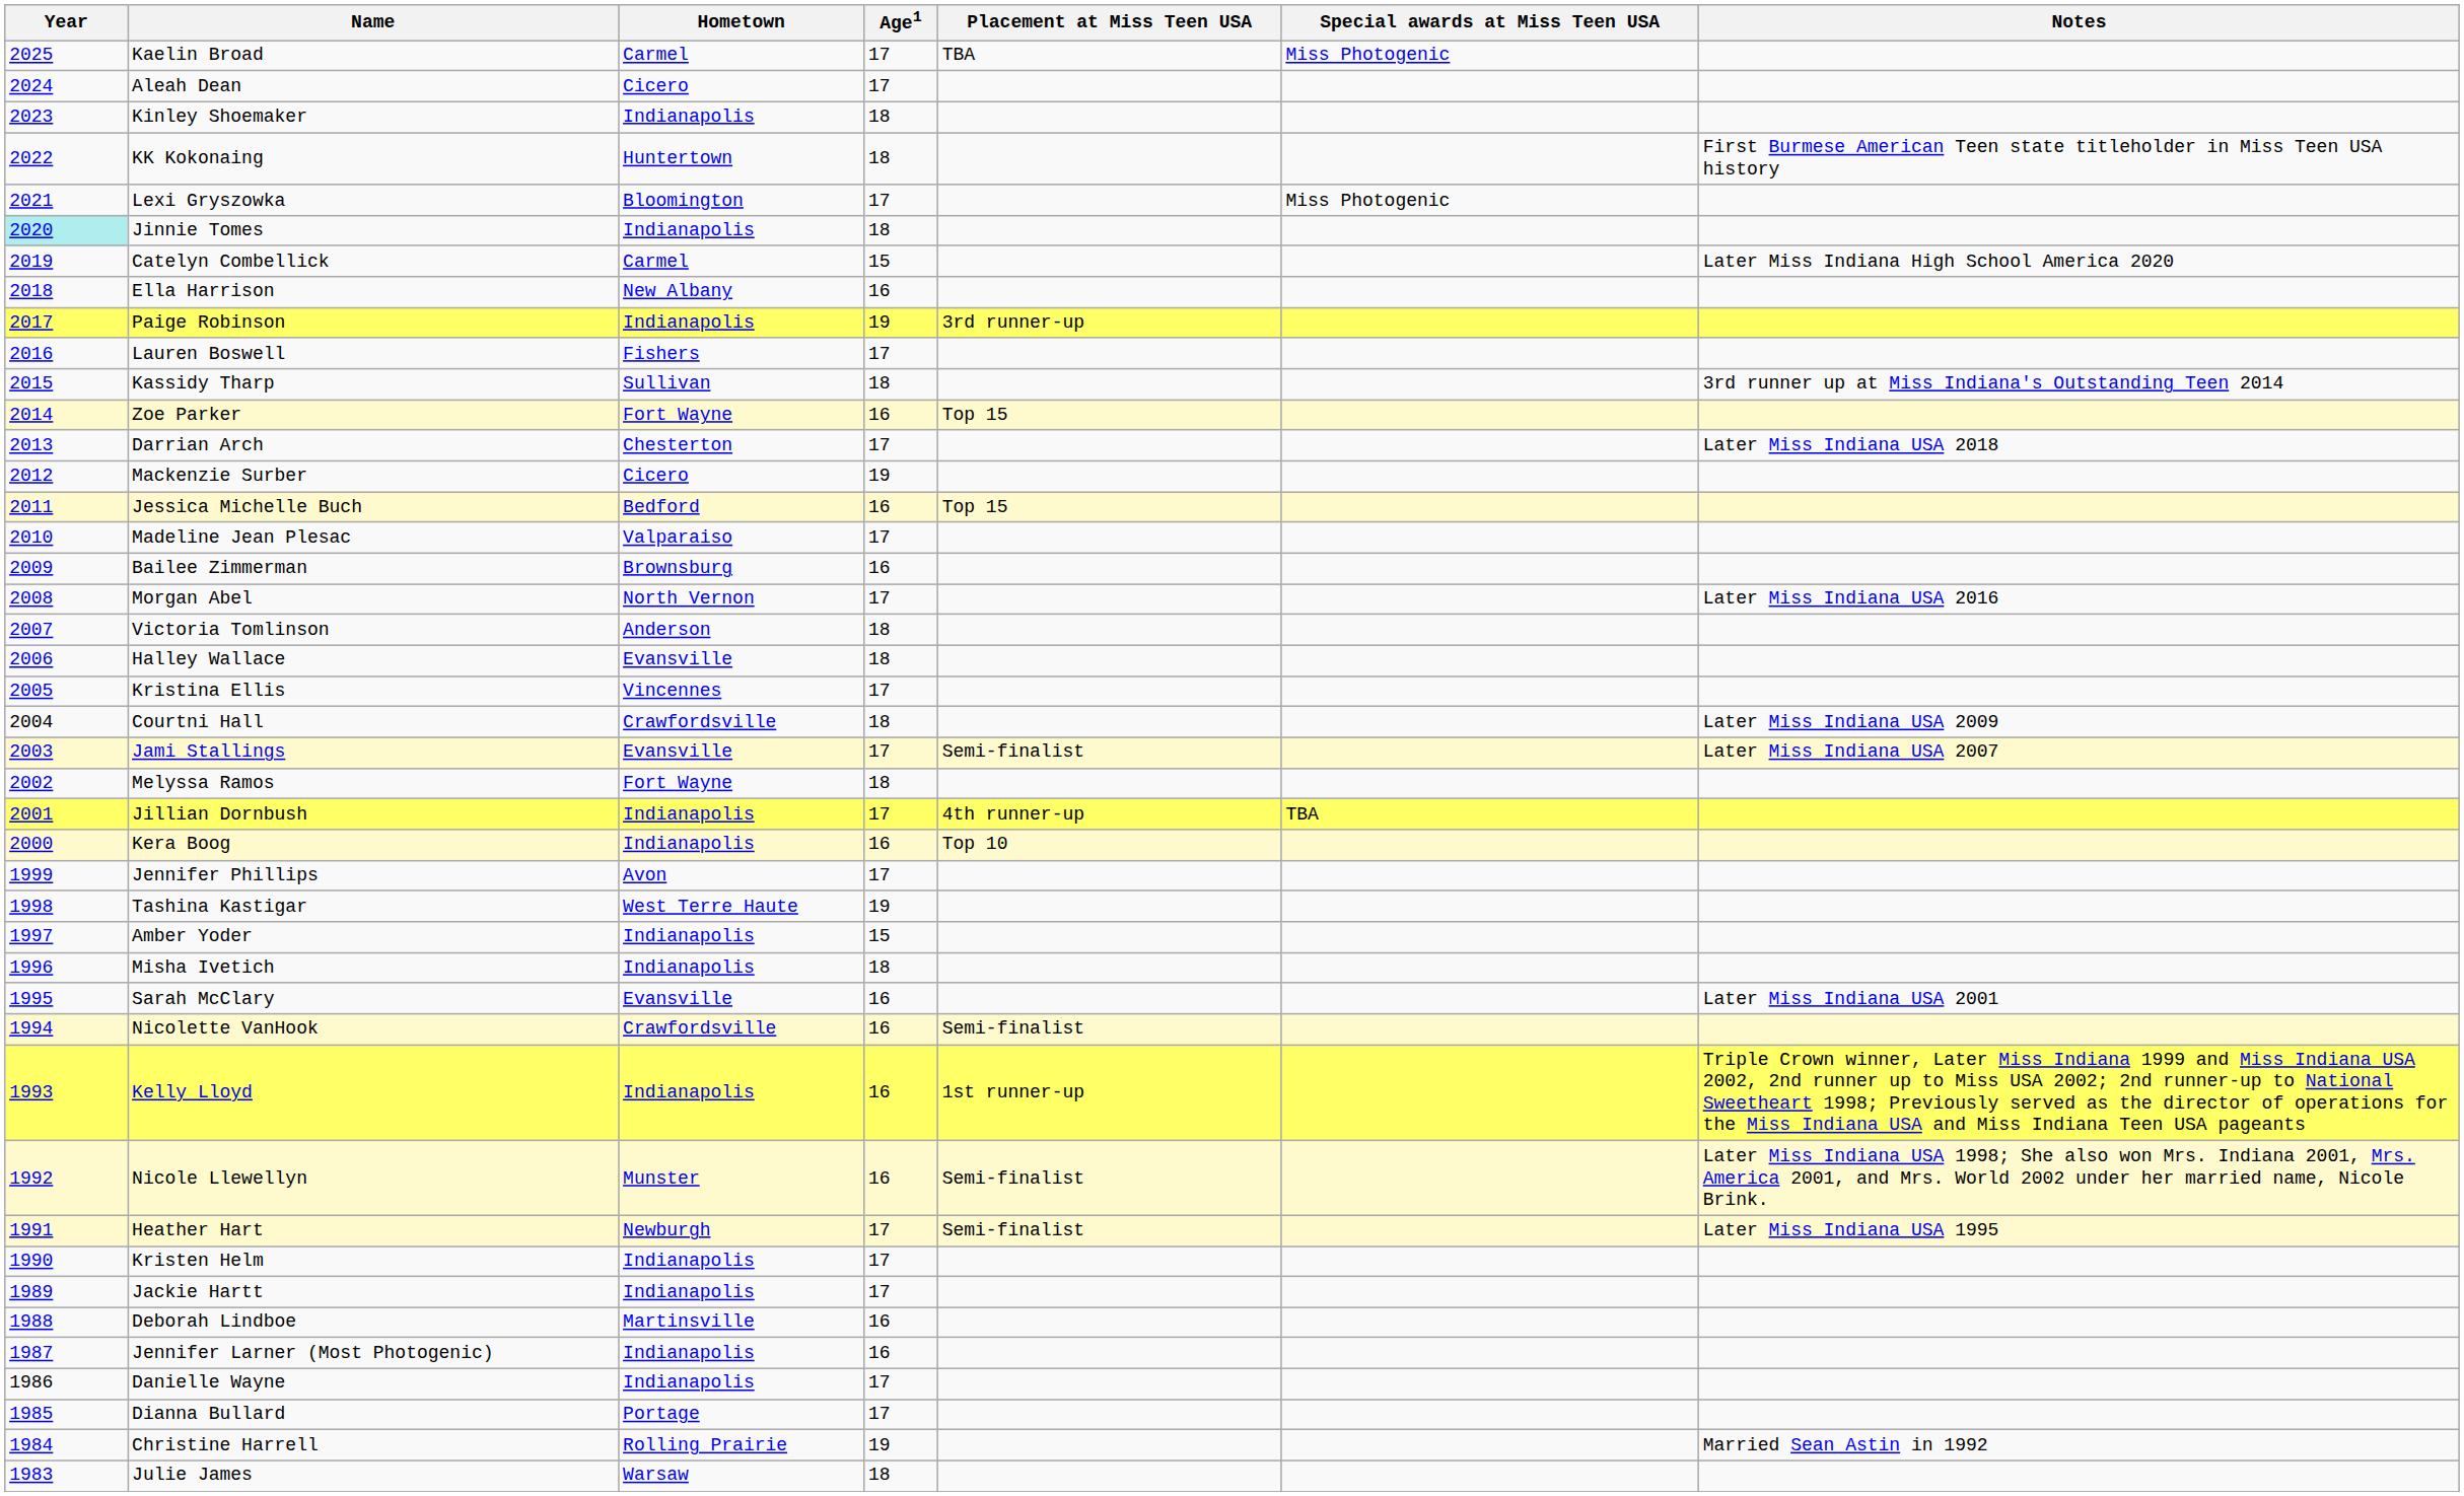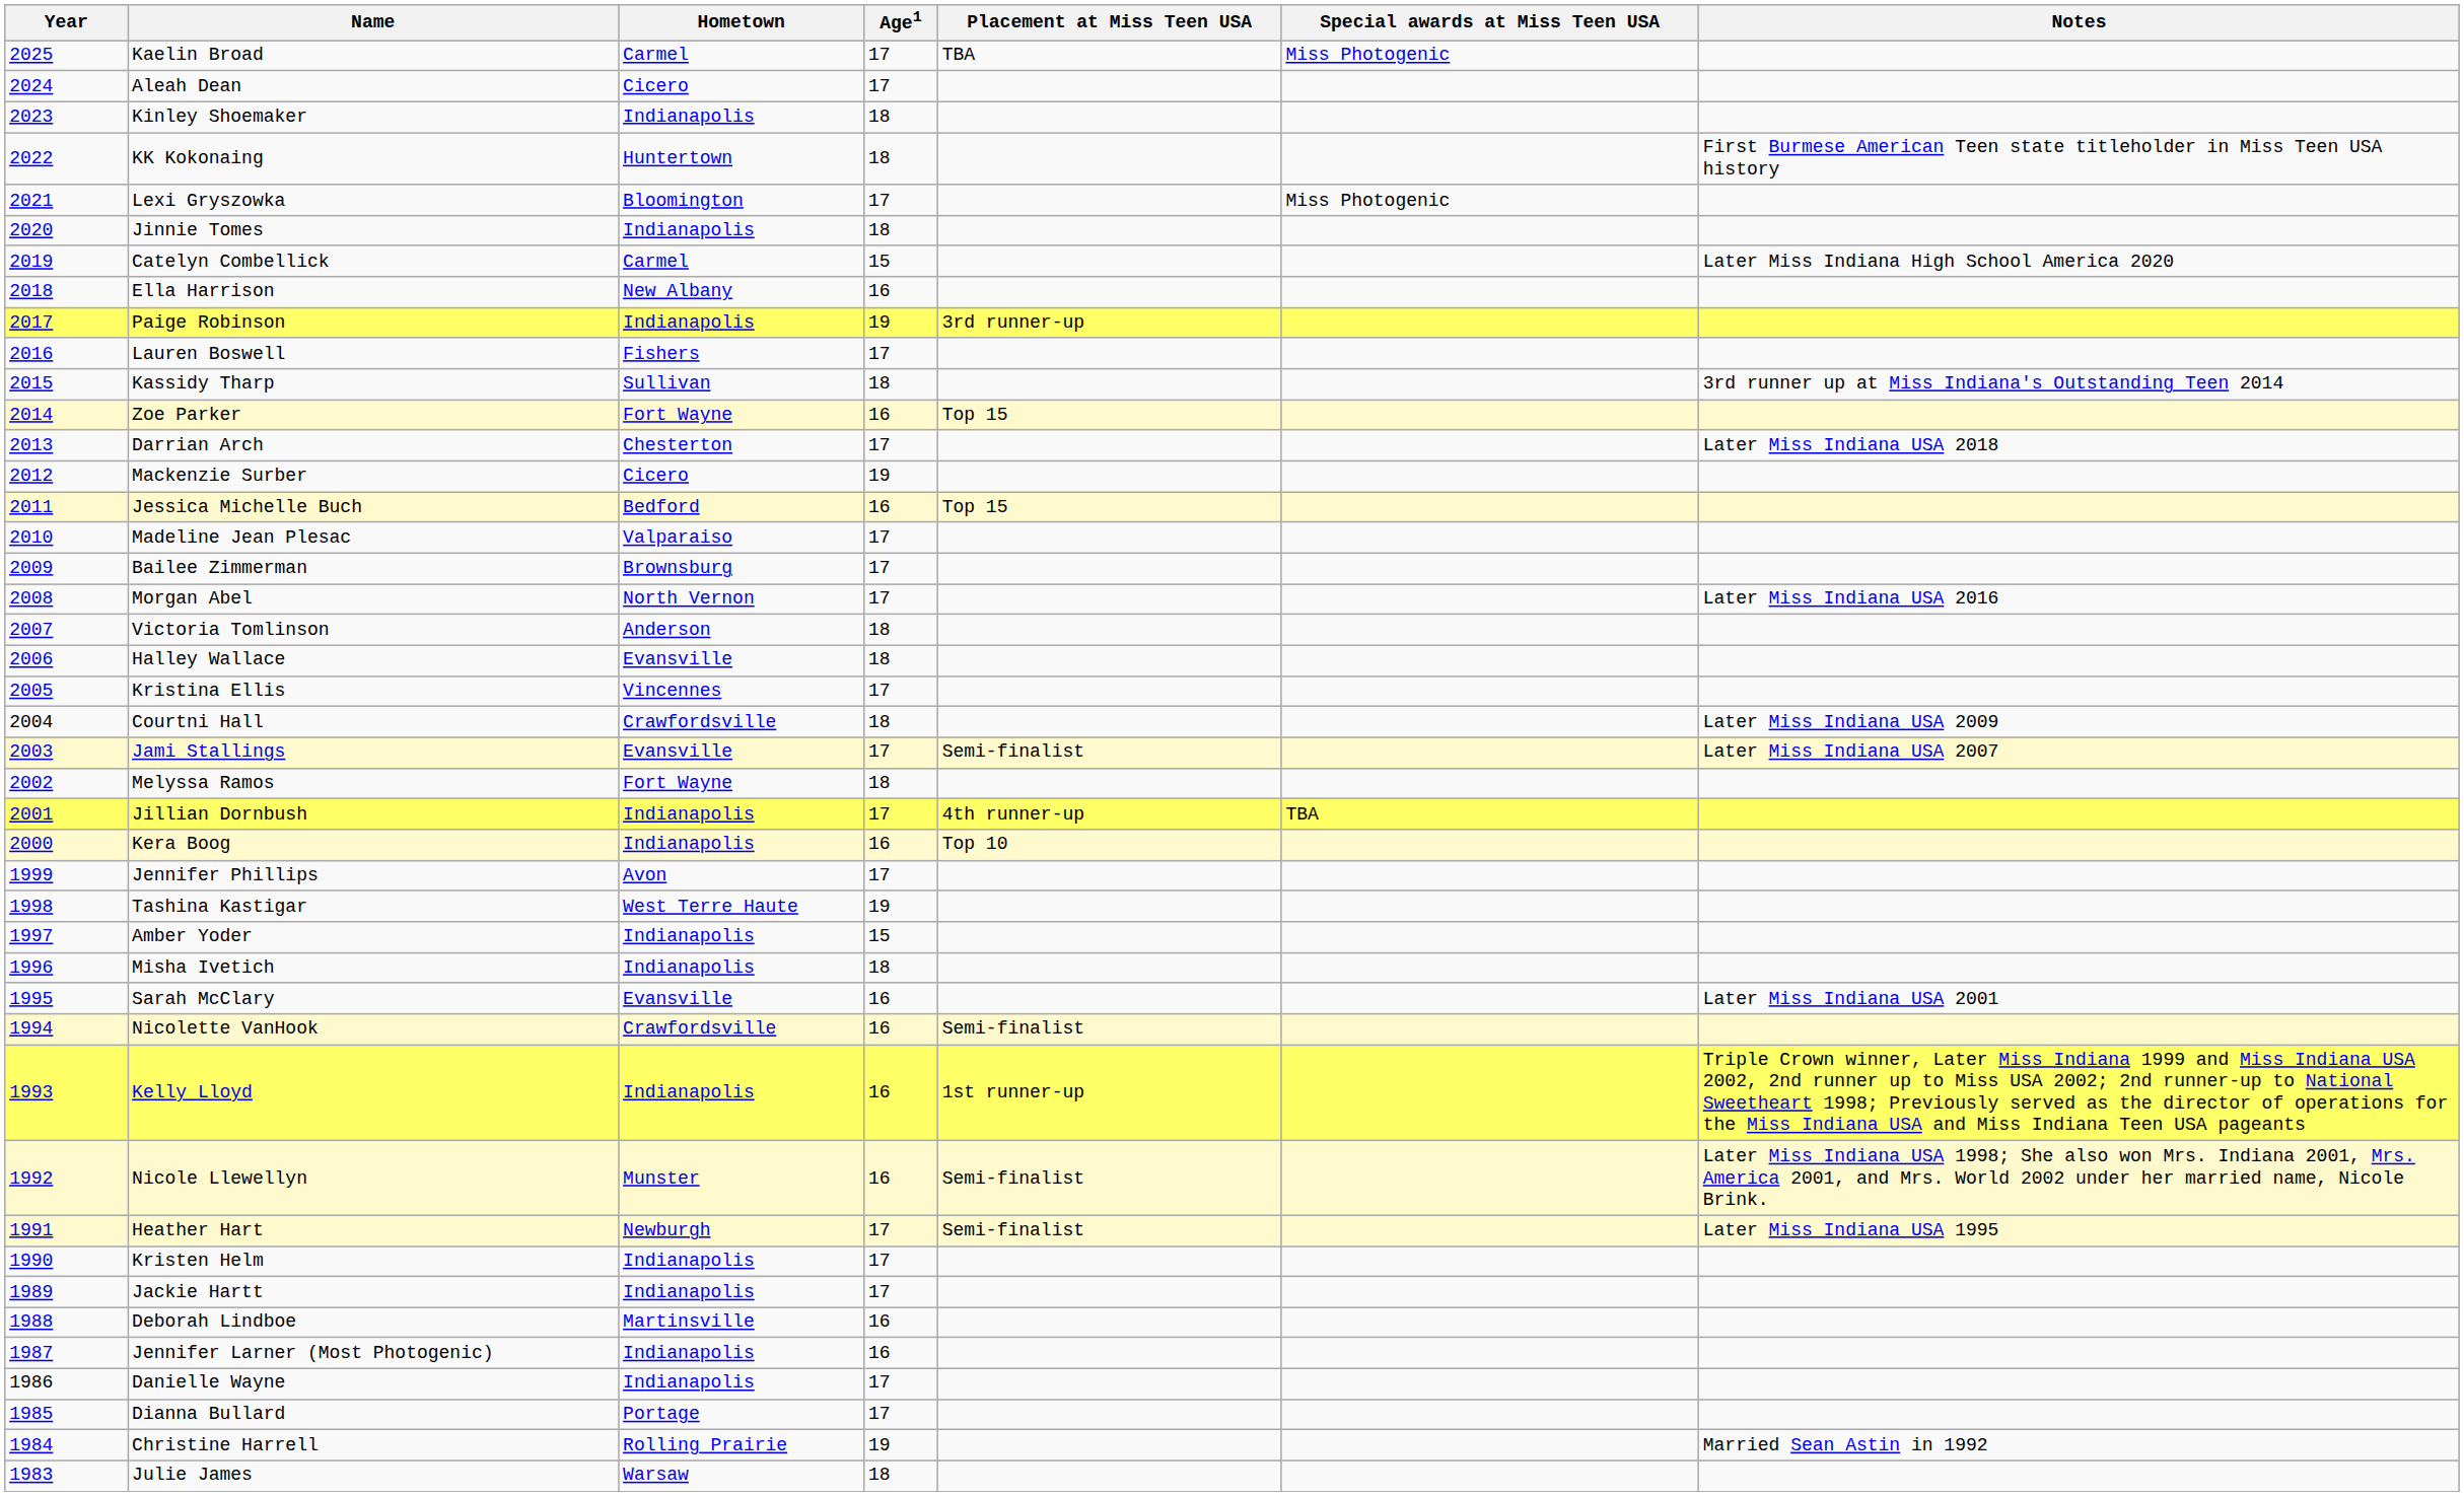 <table class="wikitable"style="font-size:90%;">
 <tr bgcolor="#efefef">
 <th width=5%>Year</th>
 <th width=20%>Name</th>
 <th width=10%>Hometown</th>
 <th width=3%>Age<sup>1</sup></th>
 <th width=14%>Placement at Miss Teen USA</th>
 <th width=17%>Special awards at Miss Teen  USA</th>
 <th width=31%>Notes</th>
 </tr>
 <tr>
 <td><a href='#'>2025</a></td>
 <td>Kaelin Broad</td>
 <td><a href='#'>Carmel</a></td>
 <td>17</td>
 <td>TBA</td>
 <td><a href='#'>Miss Photogenic</a></td>
 <td></td>
 </tr>
 <tr>
 <td><a href='#'>2024</a></td>
 <td>Aleah Dean</td>
 <td><a href='#'>Cicero</a></td>
 <td>17</td>
 <td></td>
 <td></td>
 <td></td>
 </tr>
 <tr>
 <td><a href='#'>2023</a></td>
 <td>Kinley Shoemaker</td>
 <td><a href='#'>Indianapolis</a></td>
 <td>18</td>
 <td></td>
 <td></td>
 <td></td>
 </tr>
 <tr>
 <td><a href='#'>2022</a></td>
 <td>KK Kokonaing</td>
 <td><a href='#'>Huntertown</a></td>
 <td>18</td>
 <td></td>
 <td></td>
 <td>First <a href='#'>Burmese American</a> Teen state titleholder in Miss Teen USA history</td>
 </tr>
 <tr>
 <td><a href='#'>2021</a></td>
 <td>Lexi Gryszowka</td>
 <td><a href='#'>Bloomington</a></td>
 <td>17</td>
 <td></td>
 <td>Miss Photogenic</td>
 <td></td>
 </tr>
 <tr>
-<td style="background: paleturquoise;"><a href='#'>2020</a></td>
+<td><a href='#'>2020</a></td>
 <td>Jinnie Tomes</td>
 <td><a href='#'>Indianapolis</a></td>
 <td>18</td>
 <td></td>
 <td></td>
 <td></td>
 </tr>
 <tr>
 <td><a href='#'>2019</a></td>
 <td>Catelyn Combellick</td>
 <td><a href='#'>Carmel</a></td>
 <td>15</td>
 <td></td>
 <td></td>
 <td>Later Miss Indiana High School America 2020</td>
 </tr>
 <tr>
 <td><a href='#'>2018</a></td>
 <td>Ella Harrison</td>
 <td><a href='#'>New Albany</a></td>
 <td>16</td>
 <td></td>
 <td></td>
 <td></td>
 </tr>
 <tr style="background-color:#FFFF66;”">
 <td><a href='#'>2017</a></td>
 <td>Paige Robinson</td>
 <td><a href='#'>Indianapolis</a></td>
 <td>19</td>
 <td>3rd runner-up</td>
 <td></td>
 <td></td>
 </tr>
 <tr>
 <td><a href='#'>2016</a></td>
 <td>Lauren Boswell</td>
 <td><a href='#'>Fishers</a></td>
 <td>17</td>
 <td></td>
 <td></td>
 <td></td>
 </tr>
 <tr>
 <td><a href='#'>2015</a></td>
 <td>Kassidy Tharp</td>
 <td><a href='#'>Sullivan</a></td>
 <td>18</td>
 <td></td>
 <td></td>
 <td>3rd runner up at <a href='#'>Miss Indiana's Outstanding Teen</a> 2014</td>
 </tr>
 <tr style="background-color:#FFFACD;">
 <td><a href='#'>2014</a></td>
 <td>Zoe Parker</td>
 <td><a href='#'>Fort Wayne</a></td>
 <td>16</td>
 <td>Top 15</td>
 <td></td>
 <td></td>
 </tr>
 <tr>
 <td><a href='#'>2013</a></td>
 <td>Darrian Arch</td>
 <td><a href='#'>Chesterton</a></td>
 <td>17</td>
 <td></td>
 <td></td>
 <td>Later <a href='#'>Miss Indiana USA</a> 2018</td>
 </tr>
 <tr>
 <td><a href='#'>2012</a></td>
 <td>Mackenzie Surber</td>
 <td><a href='#'>Cicero</a></td>
 <td>19</td>
 <td></td>
 <td></td>
 <td></td>
 </tr>
 <tr style="background-color:#FFFACD;">
 <td><a href='#'>2011</a></td>
 <td>Jessica Michelle Buch</td>
 <td><a href='#'>Bedford</a></td>
 <td>16</td>
 <td>Top 15</td>
 <td></td>
 <td></td>
 </tr>
 <tr>
 <td><a href='#'>2010</a></td>
 <td>Madeline Jean Plesac</td>
 <td><a href='#'>Valparaiso</a></td>
 <td>17</td>
 <td></td>
 <td></td>
 <td></td>
 </tr>
 <tr>
 <td><a href='#'>2009</a></td>
 <td>Bailee Zimmerman</td>
 <td><a href='#'>Brownsburg</a></td>
-<td>16</td>
+<td>17</td>
 <td></td>
 <td></td>
 <td></td>
 </tr>
 <tr>
 <td><a href='#'>2008</a></td>
 <td>Morgan Abel</td>
 <td><a href='#'>North Vernon</a></td>
 <td>17</td>
 <td></td>
 <td></td>
 <td>Later <a href='#'>Miss Indiana USA</a> 2016</td>
 </tr>
 <tr>
 <td><a href='#'>2007</a></td>
 <td>Victoria Tomlinson</td>
 <td><a href='#'>Anderson</a></td>
 <td>18</td>
 <td></td>
 <td></td>
 <td></td>
 </tr>
 <tr>
 <td><a href='#'>2006</a></td>
 <td>Halley Wallace</td>
 <td><a href='#'>Evansville</a></td>
 <td>18</td>
 <td></td>
 <td></td>
 <td></td>
 </tr>
 <tr>
 <td><a href='#'>2005</a></td>
 <td>Kristina Ellis</td>
 <td><a href='#'>Vincennes</a></td>
 <td>17</td>
 <td></td>
 <td></td>
 <td></td>
 </tr>
 <tr>
 <td>2004</td>
 <td>Courtni Hall</td>
 <td><a href='#'>Crawfordsville</a></td>
 <td>18</td>
 <td></td>
 <td></td>
 <td>Later <a href='#'>Miss Indiana USA</a> 2009</td>
 </tr>
 <tr style="background-color:#FFFACD;">
 <td><a href='#'>2003</a></td>
 <td><a href='#'>Jami Stallings</a></td>
 <td><a href='#'>Evansville</a></td>
 <td>17</td>
 <td>Semi-finalist</td>
 <td></td>
 <td>Later <a href='#'>Miss Indiana USA</a> 2007</td>
 </tr>
 <tr>
 <td><a href='#'>2002</a></td>
 <td>Melyssa Ramos</td>
 <td><a href='#'>Fort Wayne</a></td>
 <td>18</td>
 <td></td>
 <td></td>
 <td></td>
 </tr>
 <tr style="background-color:#FFFF66;">
 <td><a href='#'>2001</a></td>
 <td>Jillian Dornbush</td>
 <td><a href='#'>Indianapolis</a></td>
 <td>17</td>
 <td>4th runner-up</td>
 <td>TBA</td>
 <td></td>
 </tr>
 <tr style="background-color:#FFFACD;">
 <td><a href='#'>2000</a></td>
 <td>Kera Boog</td>
 <td><a href='#'>Indianapolis</a></td>
 <td>16</td>
 <td>Top 10</td>
 <td></td>
 <td></td>
 </tr>
 <tr>
 <td><a href='#'>1999</a></td>
 <td>Jennifer Phillips</td>
 <td><a href='#'>Avon</a></td>
 <td>17</td>
 <td></td>
 <td></td>
 <td></td>
 </tr>
 <tr>
 <td><a href='#'>1998</a></td>
 <td>Tashina Kastigar</td>
 <td><a href='#'>West Terre Haute</a></td>
 <td>19</td>
 <td></td>
 <td></td>
 <td></td>
 </tr>
 <tr>
 <td><a href='#'>1997</a></td>
 <td>Amber Yoder</td>
 <td><a href='#'>Indianapolis</a></td>
 <td>15</td>
 <td></td>
 <td></td>
 <td></td>
 </tr>
 <tr>
 <td><a href='#'>1996</a></td>
 <td>Misha Ivetich</td>
 <td><a href='#'>Indianapolis</a></td>
 <td>18</td>
 <td></td>
 <td></td>
 <td></td>
 </tr>
 <tr>
 <td><a href='#'>1995</a></td>
 <td>Sarah McClary</td>
 <td><a href='#'>Evansville</a></td>
 <td>16</td>
 <td></td>
 <td></td>
 <td>Later <a href='#'>Miss Indiana USA</a> 2001</td>
 </tr>
 <tr style="background-color:#FFFACD;">
 <td><a href='#'>1994</a></td>
 <td>Nicolette VanHook</td>
 <td><a href='#'>Crawfordsville</a></td>
 <td>16</td>
 <td>Semi-finalist</td>
 <td></td>
 <td></td>
 </tr>
 <tr style="background-color:#FFFF66;">
 <td><a href='#'>1993</a></td>
 <td><a href='#'>Kelly Lloyd</a></td>
 <td><a href='#'>Indianapolis</a></td>
 <td>16</td>
 <td>1st runner-up</td>
 <td></td>
 <td>Triple Crown winner, Later <a href='#'>Miss Indiana</a> 1999 and <a href='#'>Miss Indiana USA</a> 2002, 2nd runner up to Miss USA 2002; 2nd runner-up to <a href='#'>National Sweetheart</a> 1998; Previously served as the director of operations for the <a href='#'>Miss Indiana USA</a> and Miss Indiana Teen USA pageants</td>
 </tr>
 <tr style="background-color:#FFFACD;">
 <td><a href='#'>1992</a></td>
 <td>Nicole Llewellyn</td>
 <td><a href='#'>Munster</a></td>
 <td>16</td>
 <td>Semi-finalist</td>
 <td></td>
 <td>Later <a href='#'>Miss Indiana USA</a> 1998; She also won Mrs. Indiana 2001, <a href='#'>Mrs. America</a> 2001, and Mrs. World 2002 under her married name, Nicole Brink.</td>
 </tr>
 <tr style="background-color:#FFFACD;">
 <td><a href='#'>1991</a></td>
 <td>Heather Hart</td>
 <td><a href='#'>Newburgh</a></td>
 <td>17</td>
 <td>Semi-finalist</td>
 <td></td>
 <td>Later <a href='#'>Miss Indiana USA</a> 1995</td>
 </tr>
 <tr>
 <td><a href='#'>1990</a></td>
 <td>Kristen Helm</td>
 <td><a href='#'>Indianapolis</a></td>
 <td>17</td>
 <td></td>
 <td></td>
 <td></td>
 </tr>
 <tr>
 <td><a href='#'>1989</a></td>
 <td>Jackie Hartt</td>
 <td><a href='#'>Indianapolis</a></td>
 <td>17</td>
 <td></td>
 <td></td>
 <td></td>
 </tr>
 <tr>
 <td><a href='#'>1988</a></td>
 <td>Deborah Lindboe</td>
 <td><a href='#'>Martinsville</a></td>
 <td>16</td>
 <td></td>
 <td></td>
 <td></td>
 </tr>
 <tr>
 <td><a href='#'>1987</a></td>
 <td>Jennifer Larner (Most Photogenic)</td>
 <td><a href='#'>Indianapolis</a></td>
 <td>16</td>
 <td></td>
 <td></td>
 <td></td>
 </tr>
 <tr>
 <td>1986</td>
 <td>Danielle Wayne</td>
 <td><a href='#'>Indianapolis</a></td>
 <td>17</td>
 <td></td>
 <td></td>
 <td></td>
 </tr>
 <tr>
 <td><a href='#'>1985</a></td>
 <td>Dianna Bullard</td>
 <td><a href='#'>Portage</a></td>
 <td>17</td>
 <td></td>
 <td></td>
 <td></td>
 </tr>
 <tr>
 <td><a href='#'>1984</a></td>
 <td>Christine Harrell</td>
 <td><a href='#'>Rolling Prairie</a></td>
 <td>19</td>
 <td></td>
 <td></td>
 <td>Married <a href='#'>Sean Astin</a> in 1992</td>
 </tr>
 <tr>
 <td><a href='#'>1983</a></td>
 <td>Julie James</td>
 <td><a href='#'>Warsaw</a></td>
 <td>18</td>
 <td></td>
 <td></td>
 <td></td>
 </tr>
 </table>
